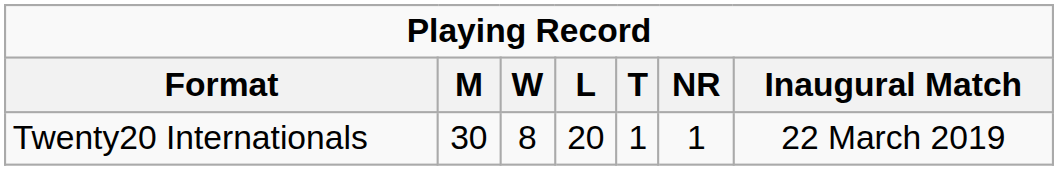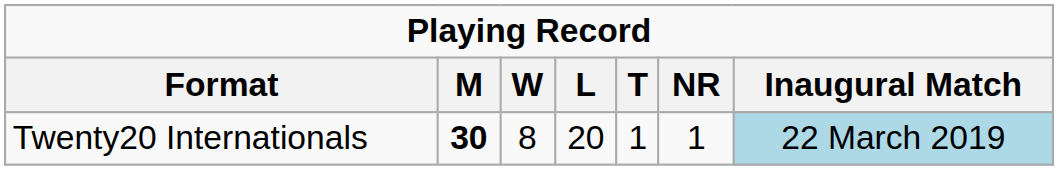 <table class="wikitable" style="text-align: center; width: 500px;">
 <tr>
 <td colspan=7 align="center"><strong>Playing Record</strong></td>
 </tr>
 <tr>
 <th>Format</th>
 <th>M</th>
 <th>W</th>
 <th>L</th>
 <th>T</th>
 <th>NR</th>
 <th>Inaugural Match</th>
 </tr>
 <tr>
 <td align="left">Twenty20 Internationals</td>
-<td>30</td>
+<td><strong>30</strong></td>
 <td>8</td>
 <td>20</td>
 <td>1</td>
 <td>1</td>
-<td>22 March 2019</td>
+<td style="background: lightblue;">22 March 2019</td>
 </tr>
 </table>
